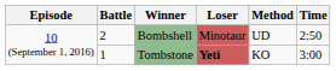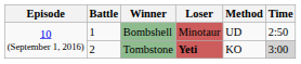 <table class="wikitable">
 <tr>
 <th>Episode</th>
 <th>Battle</th>
 <th>Winner</th>
 <th>Loser</th>
 <th>Method</th>
 <th>Time</th>
 </tr>
 <tr>
 <td style="text-align:center;" rowspan="2"><a href='#'>10</a><br><small>(September 1, 2016)</small></td>
-<td> 2</td>
+<td> 1</td>
 <td style="background:DarkSeaGreen;">Bombshell</td>
 <td style="background:IndianRed;">Minotaur</td>
 <td>UD</td>
 <td>2:50</td>
 </tr>
 <tr>
-<td>1</td>
+<td>2</td>
 <td style="background:DarkSeaGreen;">Tombstone</td>
 <td style="background:IndianRed;"><strong>Yeti</strong></td>
 <td>KO</td>
-<td>3:00</td>
+<td style="background: lightgrey;">3:00</td>
 </tr>
 </table>
